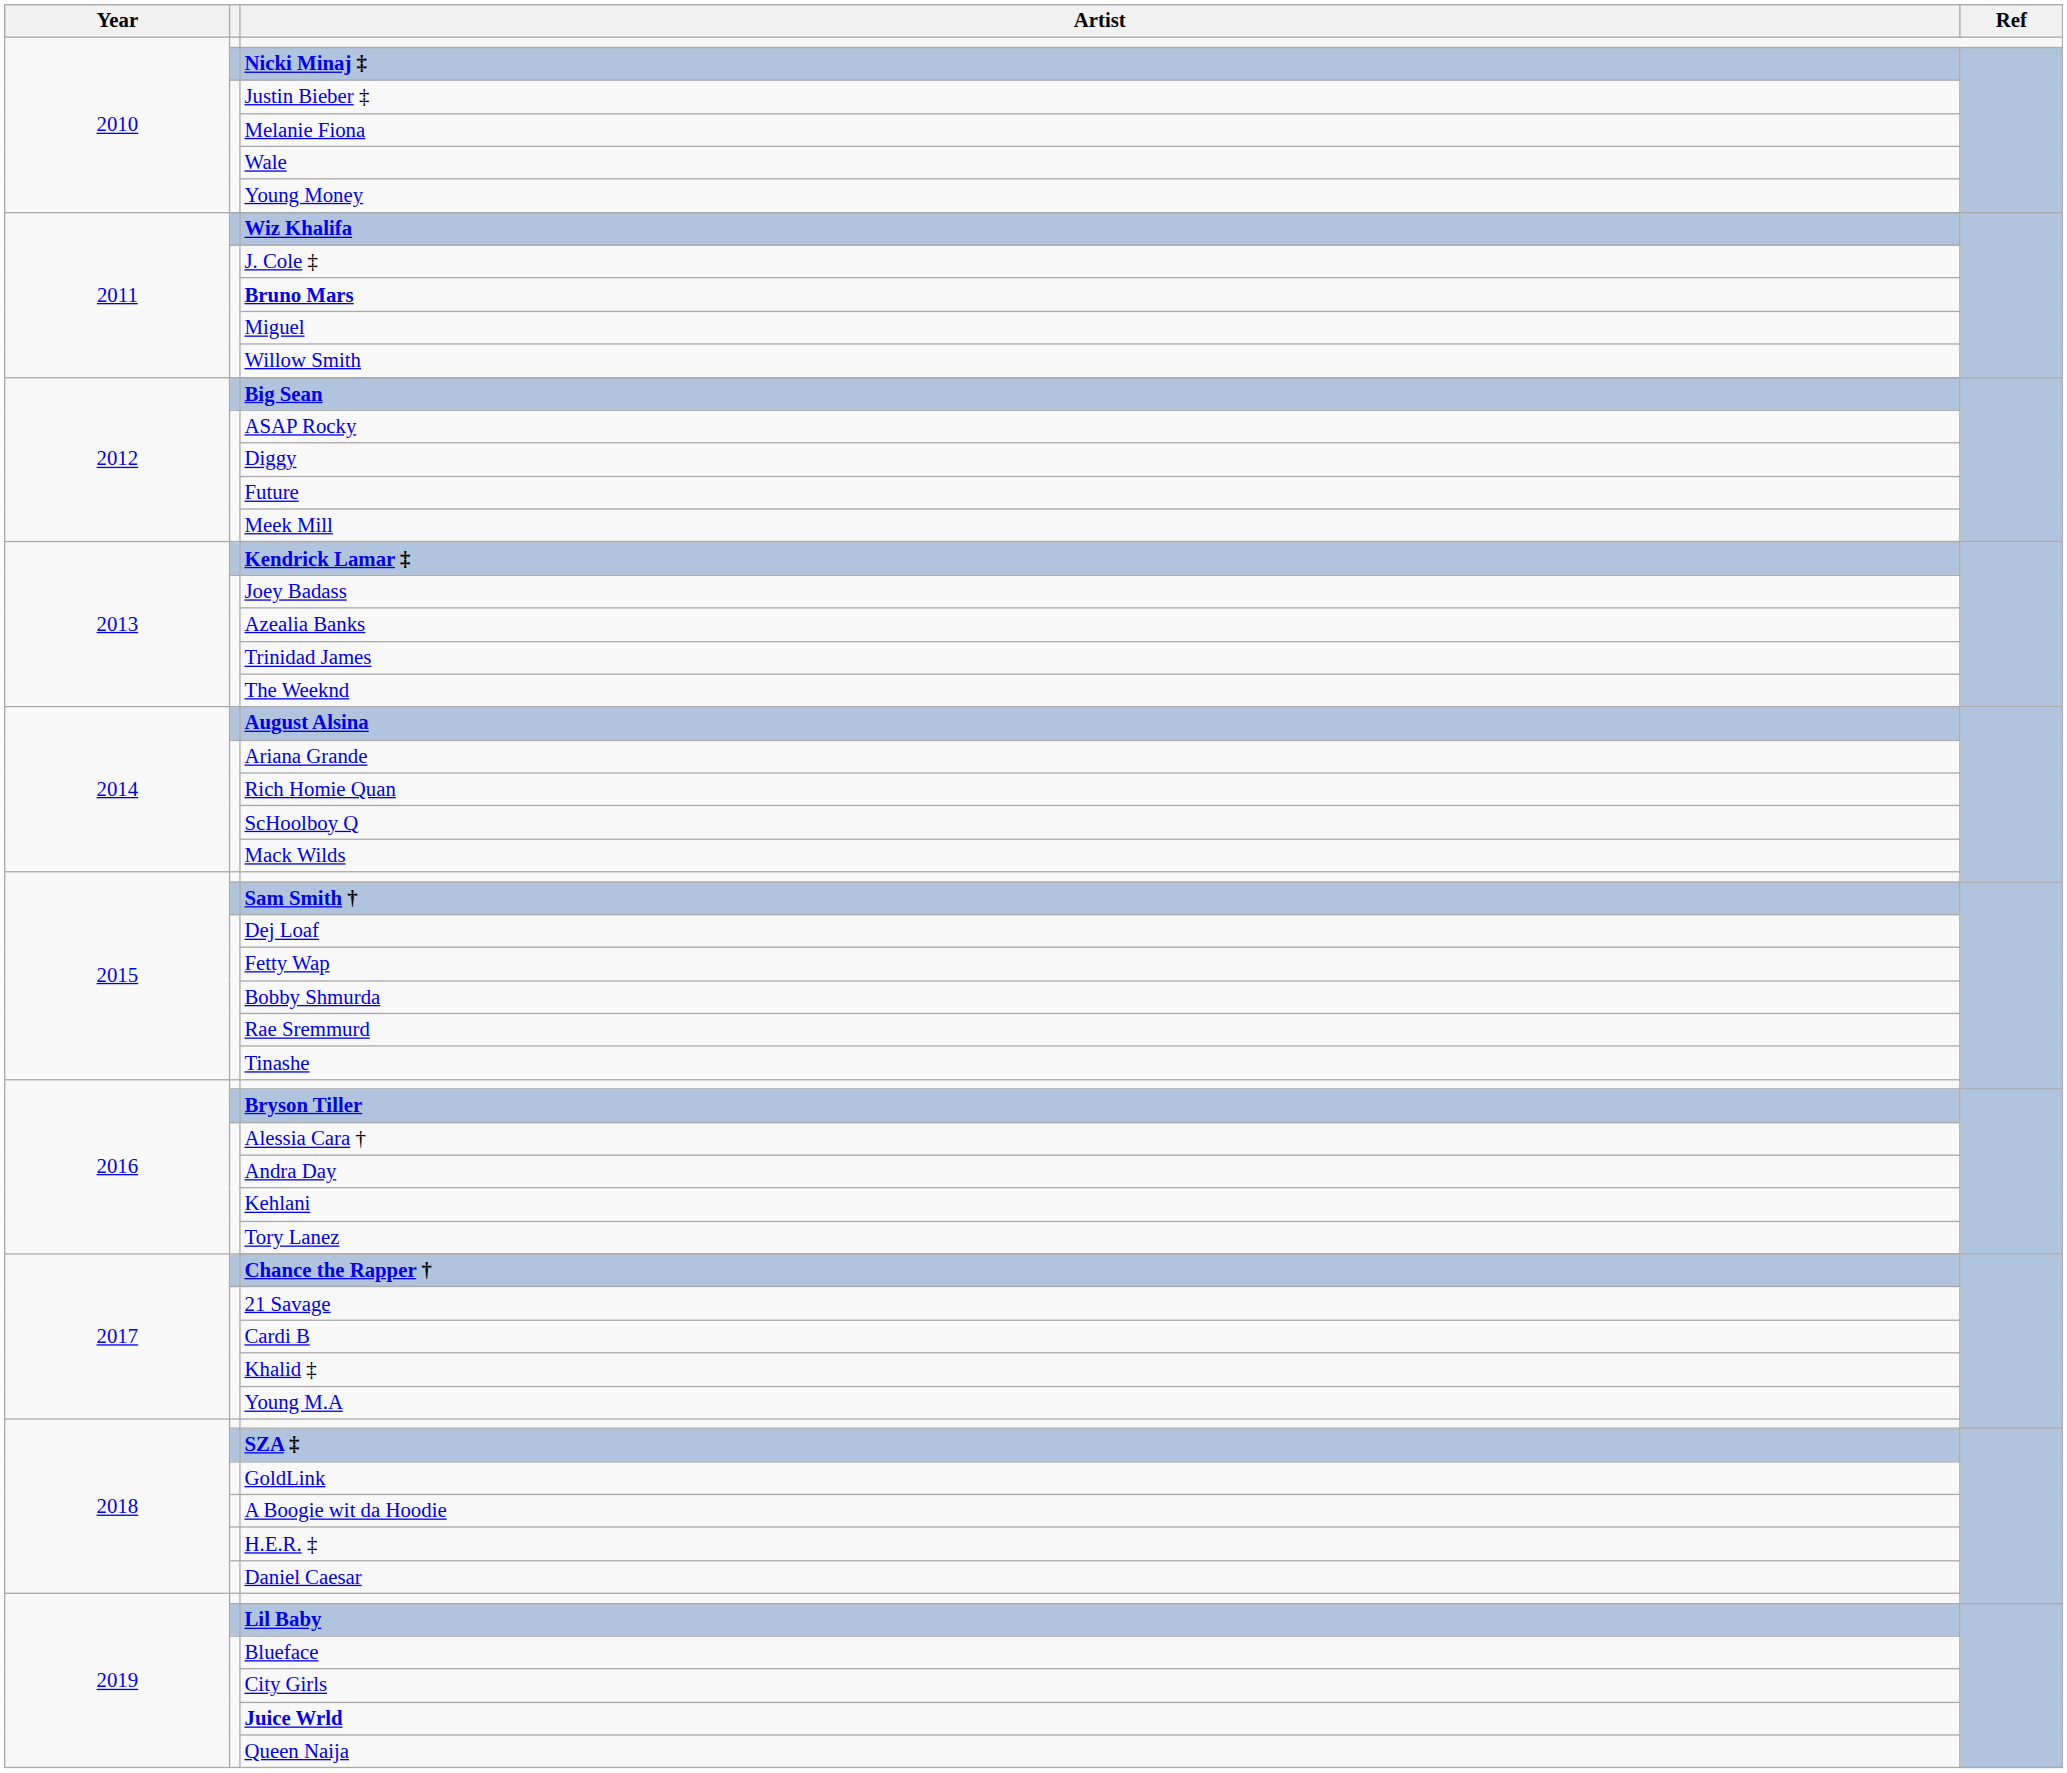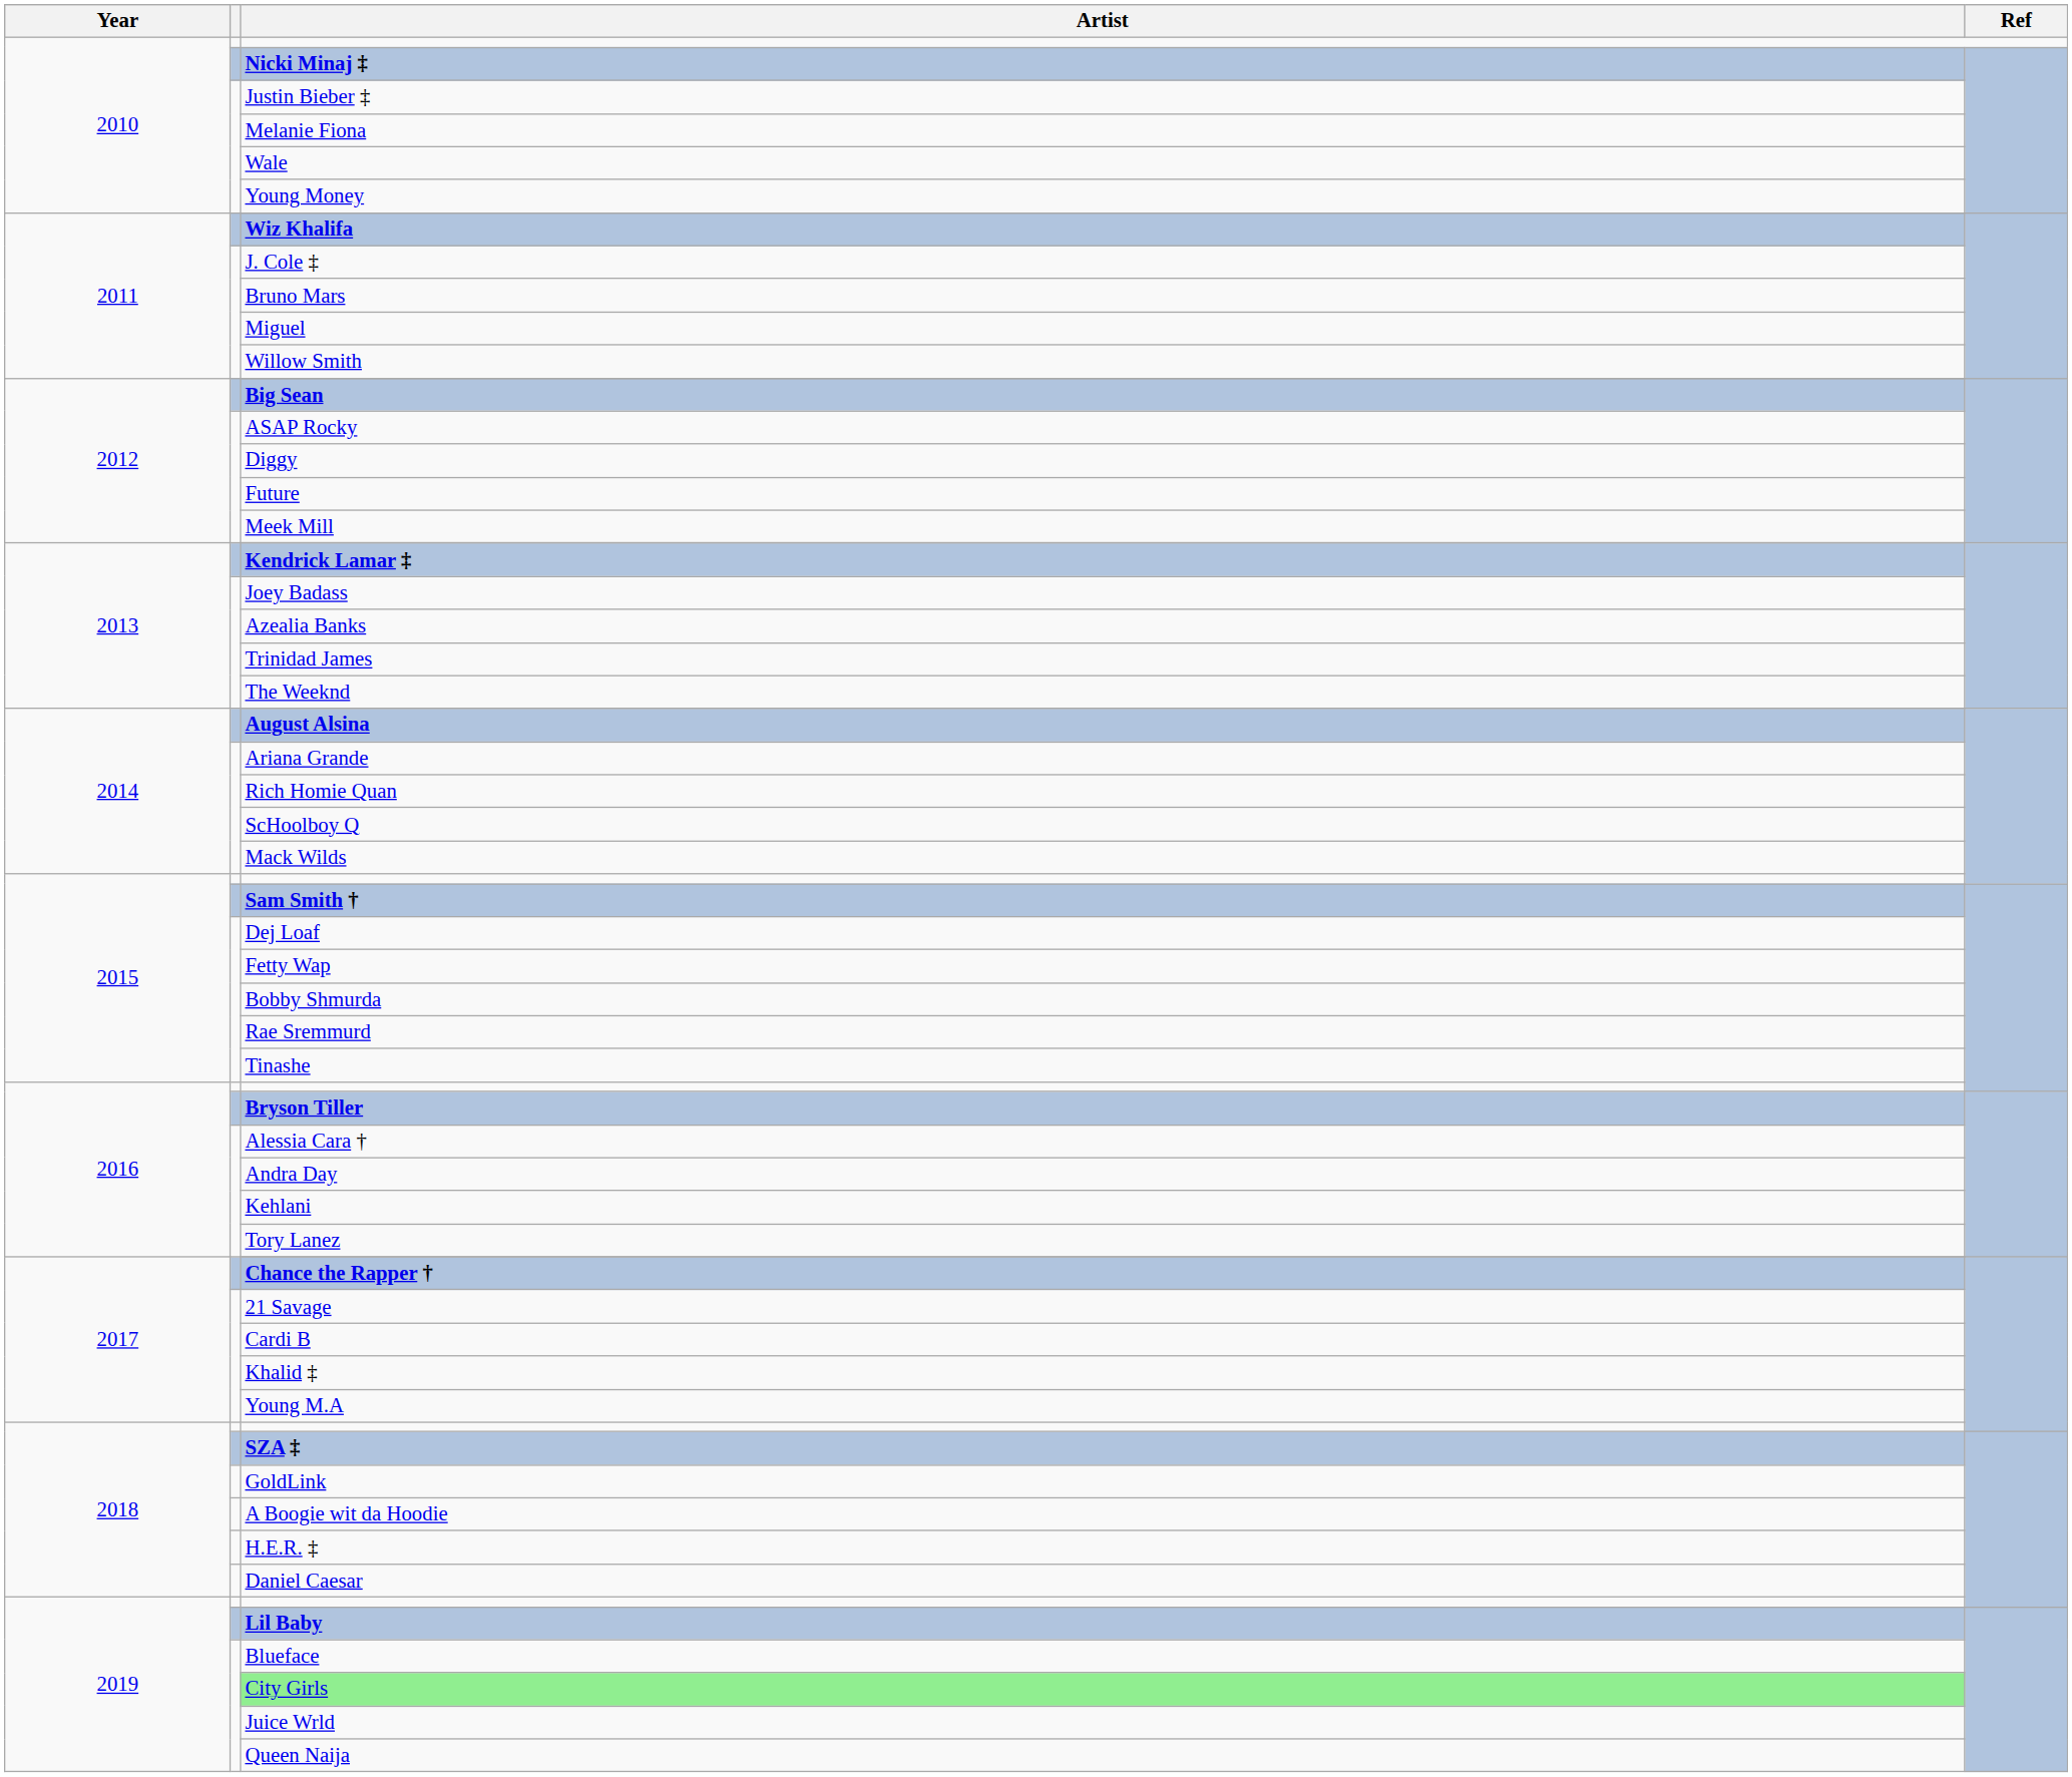 <table class="wikitable" style="width:100%;">
 <tr style="background:#bebebe;">
 <th style="width:11%;">Year</th>
 <th></th>
 <th style="width:84%;">Artist</th>
 <th style="width:5%;">Ref</th>
 </tr>
 <tr>
 <td rowspan="6" align="center"><a href='#'>2010</a></td>
 <td></td>
 </tr>
 <tr style="background:#B0C4DE">
 <td></td>
 <td><strong><a href='#'>Nicki Minaj</a> ‡</strong></td>
 <td rowspan="6" align="center"></td>
 </tr>
 <tr>
 <td rowspan="5"></td>
 <td><a href='#'>Justin Bieber</a> ‡</td>
 </tr>
 <tr>
 <td><a href='#'>Melanie Fiona</a></td>
 </tr>
 <tr>
 <td><a href='#'>Wale</a></td>
 </tr>
 <tr>
 <td><a href='#'>Young Money</a></td>
 </tr>
 <tr>
 <td rowspan="6" align="center"><a href='#'>2011</a></td>
 </tr>
 <tr style="background:#B0C4DE">
 <td></td>
 <td><strong><a href='#'>Wiz Khalifa</a></strong></td>
 <td rowspan="6" align="center"></td>
 </tr>
 <tr>
 <td rowspan="5"></td>
 <td><a href='#'>J. Cole</a> ‡</td>
 </tr>
 <tr>
-<td><strong><a href='#'>Bruno Mars</a></strong></td>
+<td><a href='#'>Bruno Mars</a></td>
 </tr>
 <tr>
 <td><a href='#'>Miguel</a></td>
 </tr>
 <tr>
 <td><a href='#'>Willow Smith</a></td>
 </tr>
 <tr>
 <td rowspan="6" align="center"><a href='#'>2012</a></td>
 </tr>
 <tr style="background:#B0C4DE">
 <td></td>
 <td><strong><a href='#'>Big Sean</a></strong></td>
 <td rowspan="6" align="center"></td>
 </tr>
 <tr>
 <td rowspan="5"></td>
 <td><a href='#'>ASAP Rocky</a></td>
 </tr>
 <tr>
 <td><a href='#'>Diggy</a></td>
 </tr>
 <tr>
 <td><a href='#'>Future</a></td>
 </tr>
 <tr>
 <td><a href='#'>Meek Mill</a></td>
 </tr>
 <tr>
 <td rowspan="6" align="center"><a href='#'>2013</a></td>
 </tr>
 <tr style="background:#B0C4DE">
 <td></td>
 <td><strong><a href='#'>Kendrick Lamar</a> ‡</strong></td>
 <td rowspan="6" align="center"></td>
 </tr>
 <tr>
 <td rowspan="5"></td>
 <td><a href='#'>Joey Badass</a></td>
 </tr>
 <tr>
 <td><a href='#'>Azealia Banks</a></td>
 </tr>
 <tr>
 <td><a href='#'>Trinidad James</a></td>
 </tr>
 <tr>
 <td><a href='#'>The Weeknd</a></td>
 </tr>
 <tr>
 <td rowspan="6" align="center"><a href='#'>2014</a></td>
 </tr>
 <tr style="background:#B0C4DE">
 <td></td>
 <td><strong><a href='#'>August Alsina</a></strong></td>
 <td rowspan="6" align="center"></td>
 </tr>
 <tr>
 <td rowspan="4"></td>
 <td><a href='#'>Ariana Grande</a></td>
 </tr>
 <tr>
 <td><a href='#'>Rich Homie Quan</a></td>
 </tr>
 <tr>
 <td><a href='#'>ScHoolboy Q</a></td>
 </tr>
 <tr>
 <td><a href='#'>Mack Wilds</a></td>
 </tr>
 <tr>
 <td rowspan="7" align="center"><a href='#'>2015</a></td>
 <td></td>
 </tr>
 <tr style="background:#B0C4DE">
 <td></td>
 <td><strong><a href='#'>Sam Smith</a> †</strong></td>
 <td rowspan="7" align="center"></td>
 </tr>
 <tr>
 <td rowspan="5"></td>
 <td><a href='#'>Dej Loaf</a></td>
 </tr>
 <tr>
 <td><a href='#'>Fetty Wap</a></td>
 </tr>
 <tr>
 <td><a href='#'>Bobby Shmurda</a></td>
 </tr>
 <tr>
 <td><a href='#'>Rae Sremmurd</a></td>
 </tr>
 <tr>
 <td><a href='#'>Tinashe</a></td>
 </tr>
 <tr>
 <td rowspan="6" align="center"><a href='#'>2016</a></td>
 <td></td>
 </tr>
 <tr style="background:#B0C4DE">
 <td></td>
 <td><strong><a href='#'>Bryson Tiller</a></strong></td>
 <td rowspan="6" align="center"></td>
 </tr>
 <tr>
 <td rowspan="5"></td>
 <td><a href='#'>Alessia Cara</a> †</td>
 </tr>
 <tr>
 <td><a href='#'>Andra Day</a></td>
 </tr>
 <tr>
 <td><a href='#'>Kehlani</a></td>
 </tr>
 <tr>
 <td><a href='#'>Tory Lanez</a></td>
 </tr>
 <tr>
 <td rowspan="6" align="center"><a href='#'>2017</a></td>
 </tr>
 <tr style="background:#B0C4DE">
 <td></td>
 <td><strong><a href='#'>Chance the Rapper</a> †</strong></td>
 <td rowspan="6" align="center"></td>
 </tr>
 <tr>
 <td rowspan="4"></td>
 <td><a href='#'>21 Savage</a></td>
 </tr>
 <tr>
 <td><a href='#'>Cardi B</a></td>
 </tr>
 <tr>
 <td><a href='#'>Khalid</a> ‡</td>
 </tr>
 <tr>
 <td><a href='#'>Young M.A</a></td>
 </tr>
 <tr>
 <td rowspan="6" align="center"><a href='#'>2018</a></td>
 <td></td>
 </tr>
 <tr style="background:#B0C4DE">
 <td></td>
 <td><strong><a href='#'>SZA</a> ‡</strong></td>
 <td rowspan="6" align="center"></td>
 </tr>
 <tr>
 <td></td>
 <td><a href='#'>GoldLink</a></td>
 </tr>
 <tr>
 <td></td>
 <td><a href='#'>A Boogie wit da Hoodie</a></td>
 </tr>
 <tr>
 <td></td>
 <td><a href='#'>H.E.R.</a> ‡</td>
 </tr>
 <tr>
 <td></td>
 <td><a href='#'>Daniel Caesar</a></td>
 </tr>
 <tr>
 <td rowspan="6" align="center"><a href='#'>2019</a></td>
 <td></td>
 </tr>
 <tr style="background:#B0C4DE">
 <td></td>
 <td><strong><a href='#'>Lil Baby</a></strong></td>
 <td rowspan="6" align="center"></td>
 </tr>
 <tr>
 <td rowspan="4"></td>
 <td><a href='#'>Blueface</a></td>
 </tr>
 <tr>
-<td><a href='#'>City Girls</a></td>
+<td style="background: lightgreen;"><a href='#'>City Girls</a></td>
 </tr>
 <tr>
-<td><strong><a href='#'>Juice Wrld</a></strong></td>
+<td><a href='#'>Juice Wrld</a></td>
 </tr>
 <tr>
 <td><a href='#'>Queen Naija</a></td>
 </tr>
 </table>
